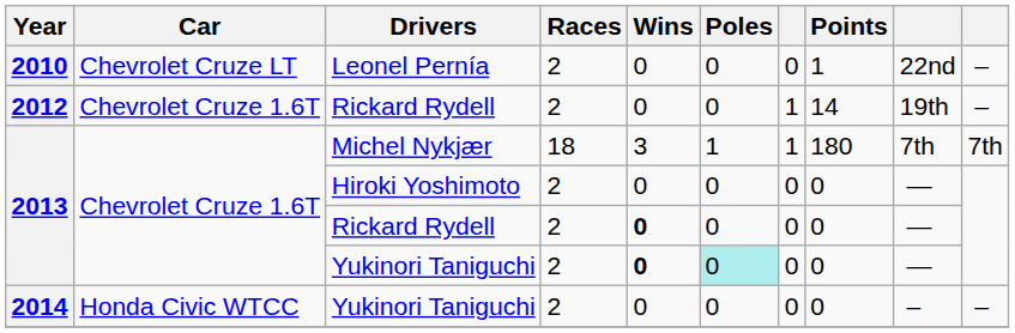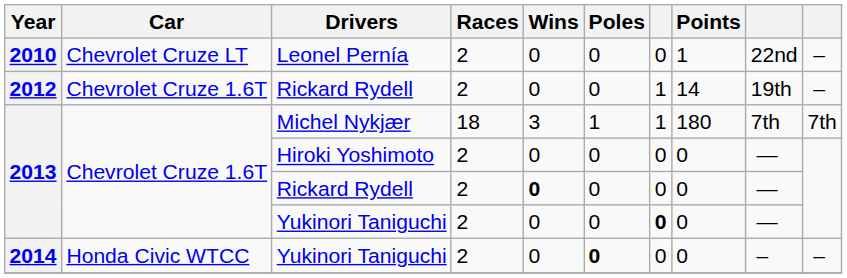 <table class="wikitable" style="font-size:95%">
 <tr>
 <th>Year</th>
 <th>Car</th>
 <th>Drivers</th>
 <th>Races</th>
 <th>Wins</th>
 <th>Poles</th>
 <th></th>
 <th>Points</th>
 <th></th>
 <th></th>
 </tr>
 <tr>
 <th><a href='#'>2010</a></th>
 <td><a href='#'>Chevrolet Cruze LT</a></td>
 <td> <a href='#'>Leonel Pernía</a></td>
 <td>2</td>
 <td>0</td>
 <td>0</td>
 <td>0</td>
 <td>1</td>
 <td>22nd</td>
 <td> –</td>
 </tr>
 <tr>
 <th><a href='#'>2012</a></th>
 <td><a href='#'>Chevrolet Cruze 1.6T</a></td>
 <td> <a href='#'>Rickard Rydell</a></td>
 <td>2</td>
 <td>0</td>
 <td>0</td>
 <td>1</td>
 <td>14</td>
 <td>19th</td>
 <td> –</td>
 </tr>
 <tr>
 <th rowspan=4><a href='#'>2013</a></th>
 <td rowspan=4><a href='#'>Chevrolet Cruze 1.6T</a></td>
 <td> <a href='#'>Michel Nykjær</a></td>
 <td>18</td>
 <td>3</td>
 <td>1</td>
 <td>1</td>
 <td>180</td>
 <td>7th</td>
 <td colspan=4>7th</td>
 </tr>
 <tr>
 <td> <a href='#'>Hiroki Yoshimoto</a></td>
 <td>2</td>
 <td>0</td>
 <td>0</td>
 <td>0</td>
 <td>0</td>
 <td> —</td>
 </tr>
 <tr>
 <td> <a href='#'>Rickard Rydell</a></td>
 <td>2</td>
 <td><strong>0</strong></td>
 <td>0</td>
 <td>0</td>
 <td>0</td>
 <td> —</td>
 </tr>
 <tr>
 <td> <a href='#'>Yukinori Taniguchi</a></td>
 <td>2</td>
+<td>0</td>
+<td>0</td>
 <td><strong>0</strong></td>
-<td style="background: paleturquoise;">0</td>
-<td>0</td>
 <td>0</td>
 <td> —</td>
 </tr>
 <tr>
 <th><a href='#'>2014</a></th>
 <td><a href='#'>Honda Civic WTCC</a></td>
 <td> <a href='#'>Yukinori Taniguchi</a></td>
 <td>2</td>
 <td>0</td>
-<td>0</td>
+<td><strong>0</strong></td>
 <td>0</td>
 <td>0</td>
 <td> –</td>
 <td> –</td>
 </tr>
 <tr>
 </tr>
 </table>
